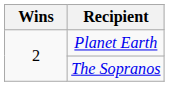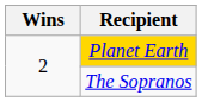 <table class="wikitable sortable" style="text-align: center">
 <tr>
 <th scope="col" style="width:55px;">Wins</th>
 <th scope="col" style="text-align:center;">Recipient</th>
 </tr>
 <tr>
 <td rowspan=2 style="text-align:center">2</td>
-<td><em><a href='#'>Planet Earth</a></em></td>
+<td style="background: gold;"><em><a href='#'>Planet Earth</a></em></td>
 </tr>
 <tr>
 <td><em><a href='#'>The Sopranos</a></em></td>
 </tr>
 </table>
